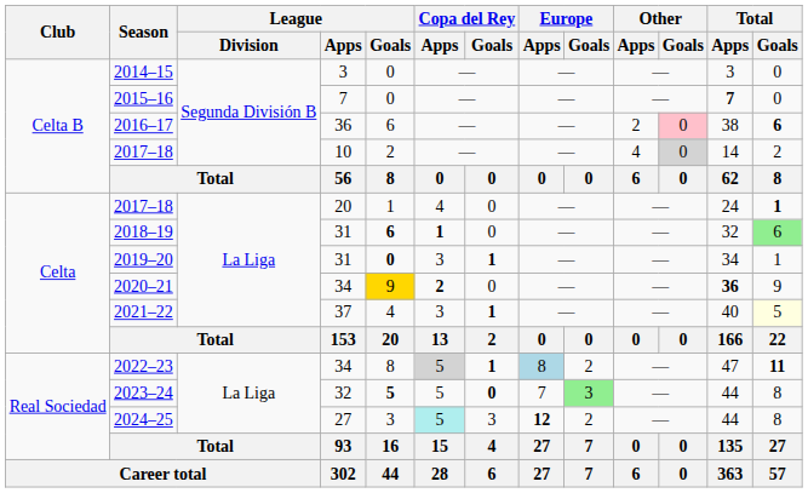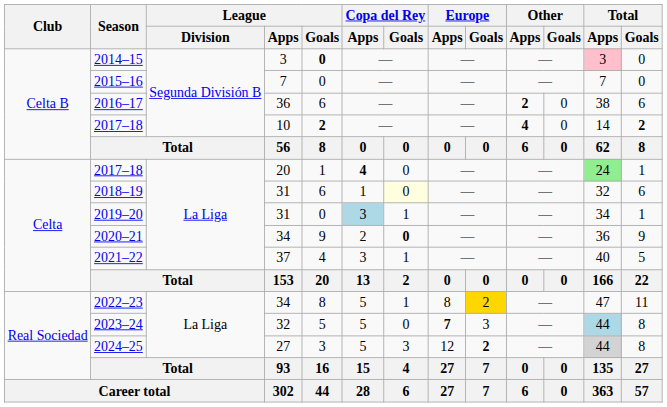 <table class="wikitable" style="text-align:center">
 <tr>
 <th rowspan="2">Club</th>
 <th rowspan="2">Season</th>
 <th colspan="3">League</th>
 <th colspan="2"><a href='#'>Copa del Rey</a></th>
 <th colspan="2"><a href='#'>Europe</a></th>
 <th colspan="2">Other</th>
 <th colspan="2">Total</th>
 </tr>
 <tr>
 <th>Division</th>
 <th>Apps</th>
 <th>Goals</th>
 <th>Apps</th>
 <th>Goals</th>
 <th>Apps</th>
 <th>Goals</th>
 <th>Apps</th>
 <th>Goals</th>
 <th>Apps</th>
 <th>Goals</th>
 </tr>
 <tr>
 <td rowspan="5"><a href='#'>Celta B</a></td>
 <td><a href='#'>2014–15</a></td>
 <td rowspan="4"><a href='#'>Segunda División B</a></td>
 <td>3</td>
-<td>0</td>
+<td><strong>0</strong></td>
 <td colspan="2">—</td>
 <td colspan="2">—</td>
 <td colspan="2">—</td>
-<td>3</td>
+<td style="background: pink;">3</td>
 <td>0</td>
 </tr>
 <tr>
 <td><a href='#'>2015–16</a></td>
 <td>7</td>
 <td>0</td>
 <td colspan="2">—</td>
 <td colspan="2">—</td>
 <td colspan="2">—</td>
-<td><strong>7</strong></td>
+<td>7</td>
 <td>0</td>
 </tr>
 <tr>
 <td><a href='#'>2016–17</a></td>
 <td>36</td>
 <td>6</td>
 <td colspan="2">—</td>
 <td colspan="2">—</td>
-<td>2</td>
-<td style="background: pink;">0</td>
+<td><strong>2</strong></td>
+<td>0</td>
 <td>38</td>
-<td><strong>6</strong></td>
+<td>6</td>
 </tr>
 <tr>
 <td><a href='#'>2017–18</a></td>
 <td>10</td>
-<td>2</td>
+<td><strong>2</strong></td>
 <td colspan="2">—</td>
 <td colspan="2">—</td>
-<td>4</td>
-<td style="background: lightgrey;">0</td>
+<td><strong>4</strong></td>
+<td>0</td>
 <td>14</td>
-<td>2</td>
+<td><strong>2</strong></td>
 </tr>
 <tr>
 <th colspan="2">Total</th>
 <th>56</th>
 <th>8</th>
 <th>0</th>
 <th>0</th>
 <th>0</th>
 <th>0</th>
 <th>6</th>
 <th>0</th>
 <th>62</th>
 <th>8</th>
 </tr>
 <tr>
 <td rowspan="6"><a href='#'>Celta</a></td>
 <td><a href='#'>2017–18</a></td>
 <td rowspan="5"><a href='#'>La Liga</a></td>
 <td>20</td>
 <td>1</td>
-<td>4</td>
+<td><strong>4</strong></td>
 <td>0</td>
 <td colspan="2">—</td>
 <td colspan="2">—</td>
-<td>24</td>
-<td><strong>1</strong></td>
+<td style="background: lightgreen;">24</td>
+<td>1</td>
 </tr>
 <tr>
 <td><a href='#'>2018–19</a></td>
 <td>31</td>
-<td><strong>6</strong></td>
-<td><strong>1</strong></td>
-<td>0</td>
+<td>6</td>
+<td>1</td>
+<td style="background: lightyellow;">0</td>
 <td colspan="2">—</td>
 <td colspan="2">—</td>
 <td>32</td>
-<td style="background: lightgreen;">6</td>
+<td>6</td>
 </tr>
 <tr>
 <td><a href='#'>2019–20</a></td>
 <td>31</td>
-<td><strong>0</strong></td>
-<td>3</td>
-<td><strong>1</strong></td>
+<td>0</td>
+<td style="background: lightblue;">3</td>
+<td>1</td>
 <td colspan="2">—</td>
 <td colspan="2">—</td>
 <td>34</td>
 <td>1</td>
 </tr>
 <tr>
 <td><a href='#'>2020–21</a></td>
 <td>34</td>
-<td style="background: gold;">9</td>
-<td><strong>2</strong></td>
-<td>0</td>
+<td>9</td>
+<td>2</td>
+<td><strong>0</strong></td>
 <td colspan="2">—</td>
 <td colspan="2">—</td>
-<td><strong>36</strong></td>
+<td>36</td>
 <td>9</td>
 </tr>
 <tr>
 <td><a href='#'>2021–22</a></td>
 <td>37</td>
 <td>4</td>
 <td>3</td>
-<td><strong>1</strong></td>
+<td>1</td>
 <td colspan="2">—</td>
 <td colspan="2">—</td>
 <td>40</td>
-<td style="background: lightyellow;">5</td>
+<td>5</td>
 </tr>
 <tr>
 <th colspan="2">Total</th>
 <th>153</th>
 <th>20</th>
 <th>13</th>
 <th>2</th>
 <th>0</th>
 <th>0</th>
 <th>0</th>
 <th>0</th>
 <th>166</th>
 <th>22</th>
 </tr>
 <tr>
 <td rowspan="4"><a href='#'>Real Sociedad</a></td>
 <td><a href='#'>2022–23</a></td>
 <td rowspan="3">La Liga</td>
 <td>34</td>
 <td>8</td>
-<td style="background: lightgrey;">5</td>
-<td><strong>1</strong></td>
-<td style="background: lightblue;">8</td>
-<td>2</td>
+<td>5</td>
+<td>1</td>
+<td>8</td>
+<td style="background: gold;">2</td>
 <td colspan="2">—</td>
 <td>47</td>
-<td><strong>11</strong></td>
+<td>11</td>
 </tr>
 <tr>
 <td><a href='#'>2023–24</a></td>
 <td>32</td>
-<td><strong>5</strong></td>
 <td>5</td>
-<td><strong>0</strong></td>
-<td>7</td>
-<td style="background: lightgreen;">3</td>
+<td>5</td>
+<td>0</td>
+<td><strong>7</strong></td>
+<td>3</td>
 <td colspan="2">—</td>
-<td>44</td>
+<td style="background: lightblue;">44</td>
 <td>8</td>
 </tr>
 <tr>
 <td><a href='#'>2024–25</a></td>
 <td>27</td>
 <td>3</td>
-<td style="background: paleturquoise;">5</td>
+<td>5</td>
 <td>3</td>
-<td><strong>12</strong></td>
-<td>2</td>
+<td>12</td>
+<td><strong>2</strong></td>
 <td colspan="2">—</td>
-<td>44</td>
+<td style="background: lightgrey;">44</td>
 <td>8</td>
 </tr>
 <tr>
 <th colspan="2">Total</th>
 <th>93</th>
 <th>16</th>
 <th>15</th>
 <th>4</th>
 <th>27</th>
 <th>7</th>
 <th>0</th>
 <th>0</th>
 <th>135</th>
 <th>27</th>
 </tr>
 <tr>
 <th colspan="3">Career total</th>
 <th>302</th>
 <th>44</th>
 <th>28</th>
 <th>6</th>
 <th>27</th>
 <th>7</th>
 <th>6</th>
 <th>0</th>
 <th>363</th>
 <th>57</th>
 </tr>
 </table>
